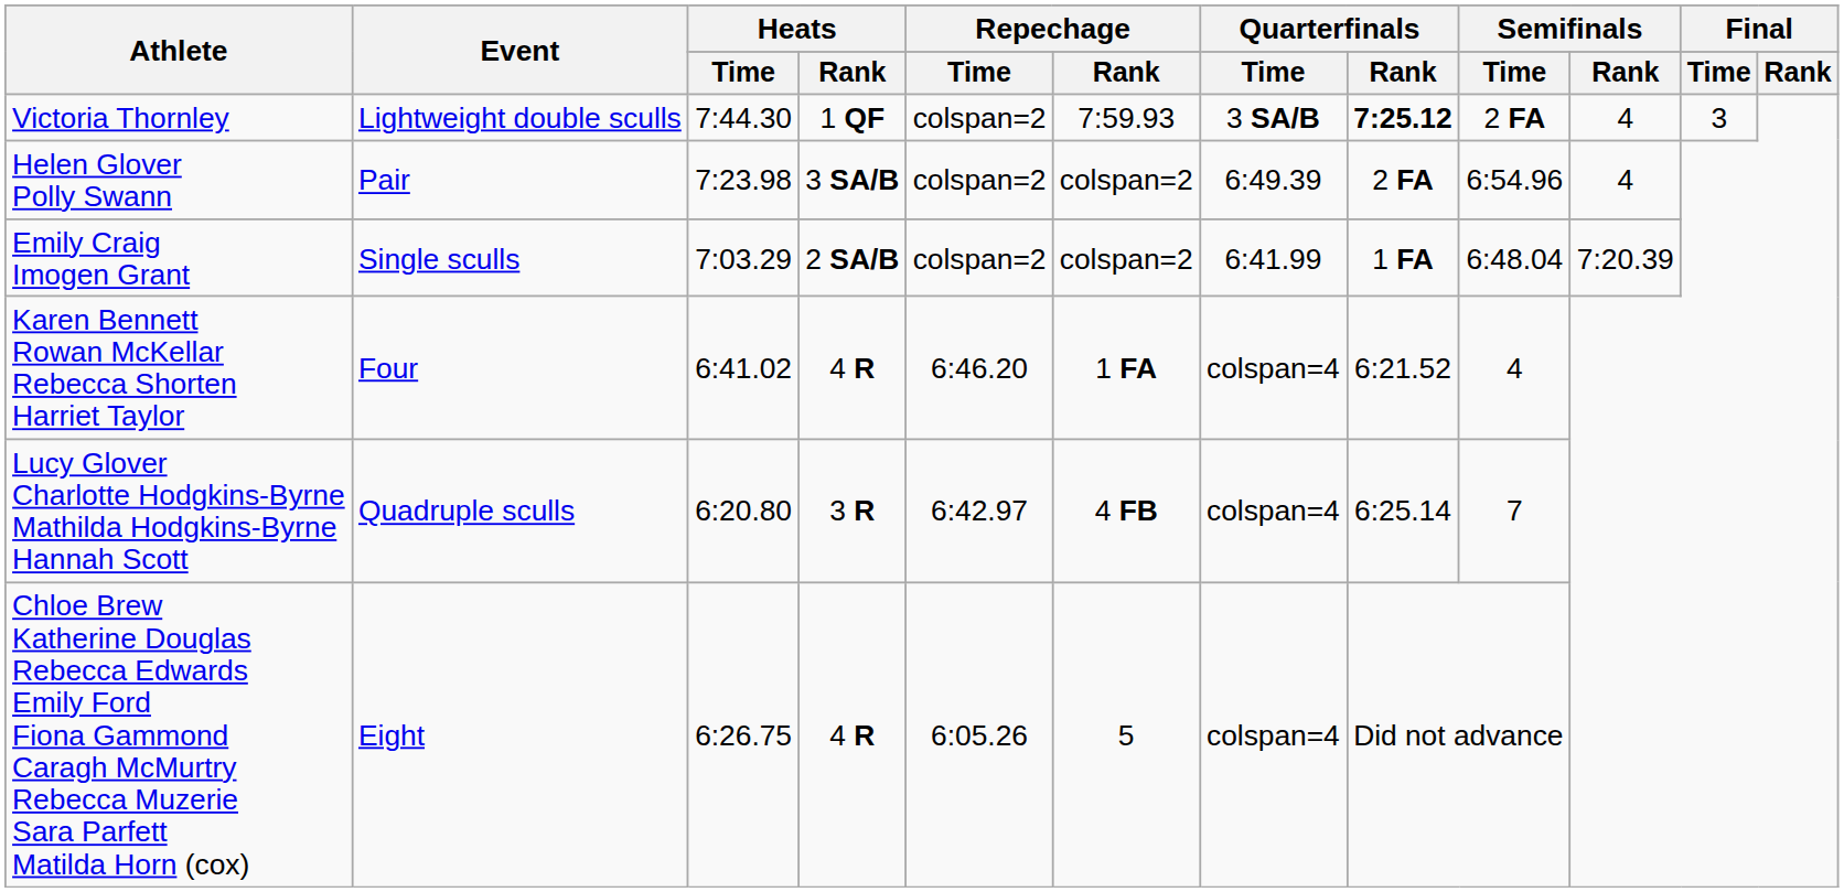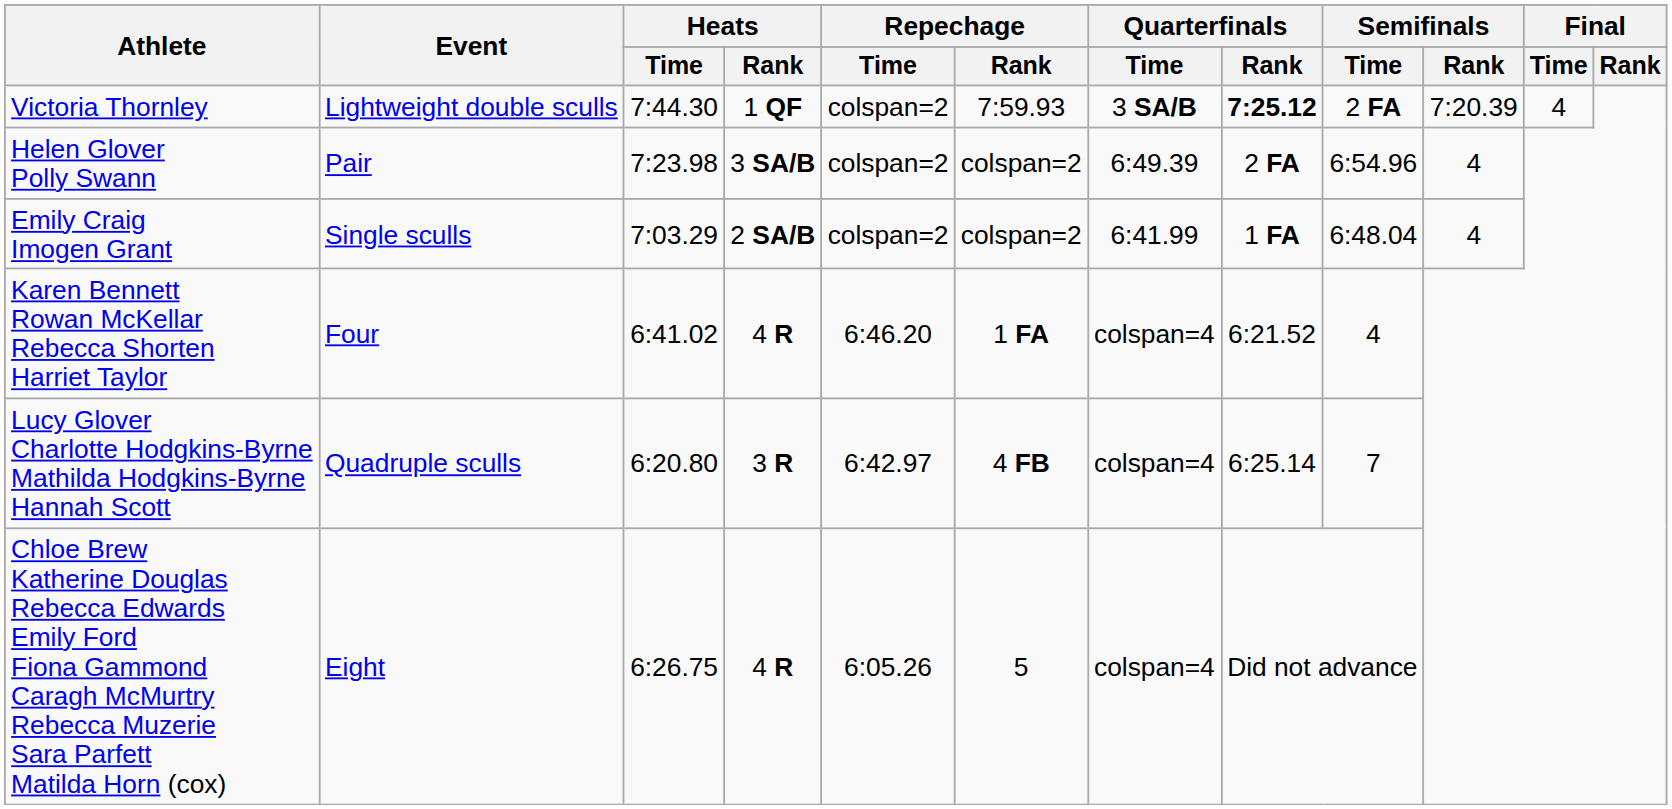 <table class=wikitable style=font-size:90%;text-align:center>
 <tr>
 <th rowspan=2>Athlete</th>
 <th rowspan=2>Event</th>
 <th colspan=2>Heats</th>
 <th colspan=2>Repechage</th>
 <th colspan=2>Quarterfinals</th>
 <th colspan=2>Semifinals</th>
 <th colspan=2>Final</th>
 </tr>
 <tr style=font-size:95%>
 <th>Time</th>
 <th>Rank</th>
 <th>Time</th>
 <th>Rank</th>
 <th>Time</th>
 <th>Rank</th>
 <th>Time</th>
 <th>Rank</th>
 <th>Time</th>
 <th>Rank</th>
 </tr>
 <tr>
 <td align=left><a href='#'>Victoria Thornley</a></td>
 <td align=left><a href='#'>Lightweight double sculls</a></td>
 <td>7:44.30</td>
 <td>1 <strong>QF</strong></td>
 <td>colspan=2 </td>
 <td>7:59.93</td>
 <td>3 <strong>SA/B</strong></td>
 <td><strong>7:25.12</strong></td>
 <td>2 <strong>FA</strong></td>
+<td>7:20.39</td>
 <td>4</td>
-<td>3</td>
 </tr>
 <tr>
 <td align=left><a href='#'>Helen Glover</a><br><a href='#'>Polly Swann</a></td>
 <td align=left><a href='#'>Pair</a></td>
 <td>7:23.98</td>
 <td>3 <strong>SA/B</strong></td>
 <td>colspan=2 </td>
 <td>colspan=2 </td>
 <td>6:49.39</td>
 <td>2 <strong>FA</strong></td>
 <td>6:54.96</td>
 <td>4</td>
 </tr>
 <tr>
 <td align=left><a href='#'>Emily Craig</a><br><a href='#'>Imogen Grant</a></td>
 <td align=left><a href='#'>Single sculls</a></td>
 <td>7:03.29</td>
 <td>2 <strong>SA/B</strong></td>
 <td>colspan=2 </td>
 <td>colspan=2 </td>
 <td>6:41.99</td>
 <td>1 <strong>FA</strong></td>
 <td>6:48.04</td>
-<td>7:20.39</td>
+<td>4</td>
 </tr>
 <tr>
 <td align=left><a href='#'>Karen Bennett</a><br><a href='#'>Rowan McKellar</a><br><a href='#'>Rebecca Shorten</a><br><a href='#'>Harriet Taylor</a></td>
 <td align=left><a href='#'>Four</a></td>
 <td>6:41.02</td>
 <td>4 <strong>R</strong></td>
 <td>6:46.20</td>
 <td>1 <strong>FA</strong></td>
 <td>colspan=4 </td>
 <td>6:21.52</td>
 <td>4</td>
 </tr>
 <tr>
 <td align=left><a href='#'>Lucy Glover</a><br><a href='#'>Charlotte Hodgkins-Byrne</a><br><a href='#'>Mathilda Hodgkins-Byrne</a><br><a href='#'>Hannah Scott</a></td>
 <td align=left><a href='#'>Quadruple sculls</a></td>
 <td>6:20.80</td>
 <td>3 <strong>R</strong></td>
 <td>6:42.97</td>
 <td>4 <strong>FB</strong></td>
 <td>colspan=4 </td>
 <td>6:25.14</td>
 <td>7</td>
 </tr>
 <tr>
 <td align=left><a href='#'>Chloe Brew</a><br><a href='#'>Katherine Douglas</a><br><a href='#'>Rebecca Edwards</a><br><a href='#'>Emily Ford</a><br><a href='#'>Fiona Gammond</a><br><a href='#'>Caragh McMurtry</a><br><a href='#'>Rebecca Muzerie</a><br><a href='#'>Sara Parfett</a><br><a href='#'>Matilda Horn</a> (cox)</td>
 <td align=left><a href='#'>Eight</a></td>
 <td>6:26.75</td>
 <td>4 <strong>R</strong></td>
 <td>6:05.26</td>
 <td>5</td>
 <td>colspan=4 </td>
 <td colspan=2>Did not advance</td>
 </tr>
 </table>
